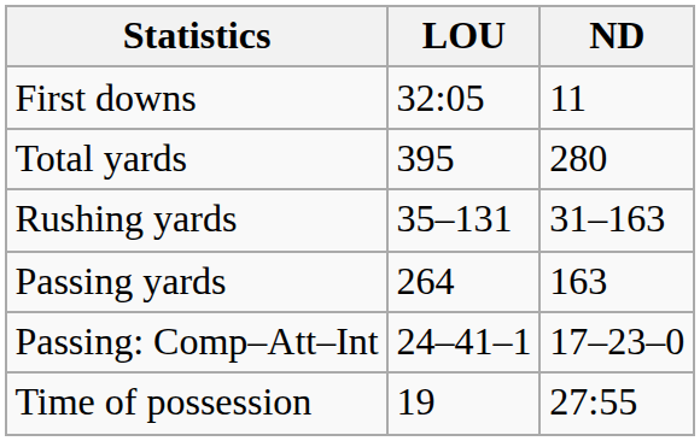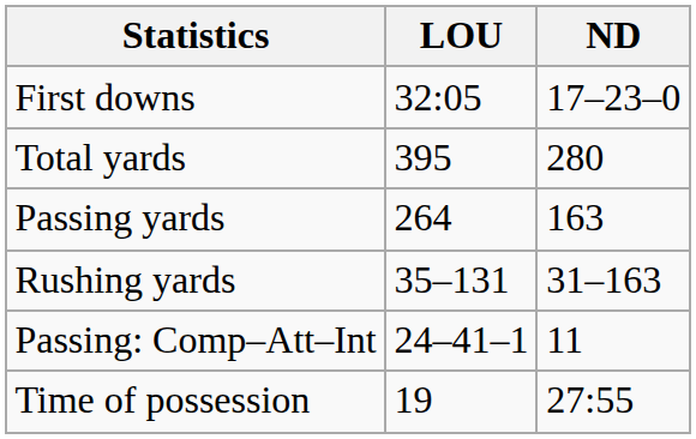 <table class="wikitable" style="float: left;">
 <tr>
 <th>Statistics</th>
 <th>LOU</th>
 <th>ND</th>
 </tr>
 <tr>
 <td>First downs</td>
 <td>32:05</td>
-<td>11</td>
+<td>17–23–0</td>
 </tr>
 <tr>
 <td>Total yards</td>
 <td>395</td>
 <td>280</td>
 </tr>
 <tr>
+<td>Passing yards</td>
+<td>264</td>
+<td>163</td>
+</tr>
+<tr>
 <td>Rushing yards</td>
 <td>35–131</td>
 <td>31–163</td>
 </tr>
 <tr>
-<td>Passing yards</td>
-<td>264</td>
-<td>163</td>
-</tr>
-<tr>
 <td>Passing: Comp–Att–Int</td>
 <td>24–41–1</td>
-<td>17–23–0</td>
+<td>11</td>
 </tr>
 <tr>
 <td>Time of possession</td>
 <td>19</td>
 <td>27:55</td>
 </tr>
 <tr>
 </tr>
 </table>
